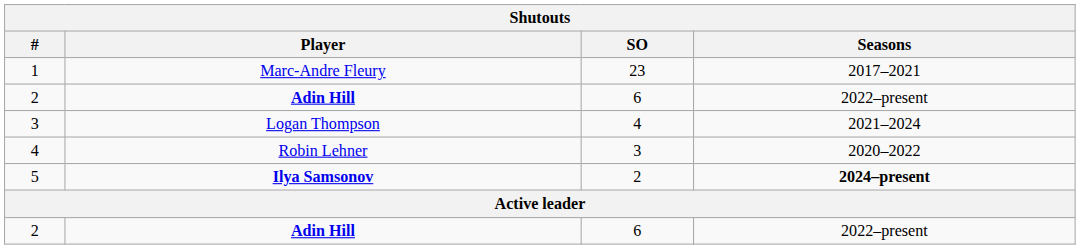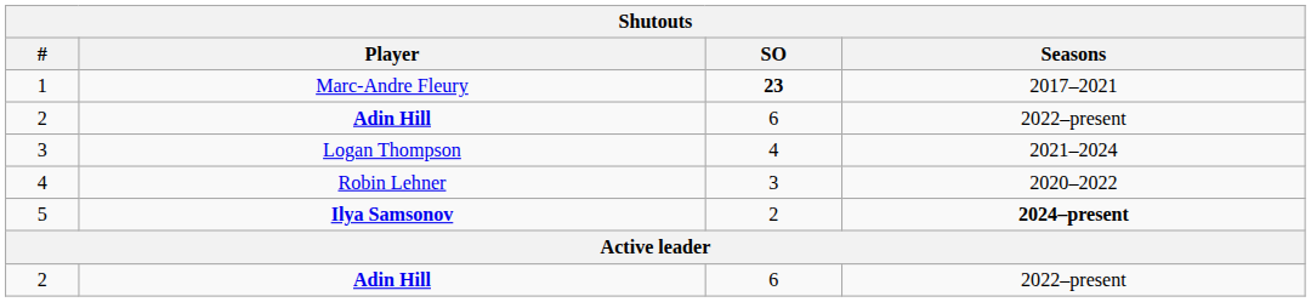 <table class="wikitable" style="text-align: center; font-size: 95%" width="80%">
 <tr>
 <th colspan="4">Shutouts</th>
 </tr>
 <tr>
 <th>#</th>
 <th>Player</th>
 <th>SO</th>
 <th>Seasons</th>
 </tr>
 <tr>
 <td>1</td>
 <td><a href='#'>Marc-Andre Fleury</a></td>
-<td>23</td>
+<td><strong>23</strong></td>
 <td>2017–2021</td>
 </tr>
 <tr>
 <td>2</td>
 <td><strong><a href='#'>Adin Hill</a></strong></td>
 <td>6</td>
 <td>2022–present</td>
 </tr>
 <tr>
 <td>3</td>
 <td><a href='#'>Logan Thompson</a></td>
 <td>4</td>
 <td>2021–2024</td>
 </tr>
 <tr>
 <td>4</td>
 <td><a href='#'>Robin Lehner</a></td>
 <td>3</td>
 <td>2020–2022</td>
 </tr>
 <tr>
 <td>5</td>
 <td><strong><a href='#'>Ilya Samsonov</a></strong></td>
 <td>2</td>
 <td><strong>2024–present</strong></td>
 </tr>
 <tr>
 <th colspan="4">Active leader</th>
 </tr>
 <tr>
 <td>2</td>
 <td><strong><a href='#'>Adin Hill</a></strong></td>
 <td>6</td>
 <td>2022–present</td>
 </tr>
 </table>
